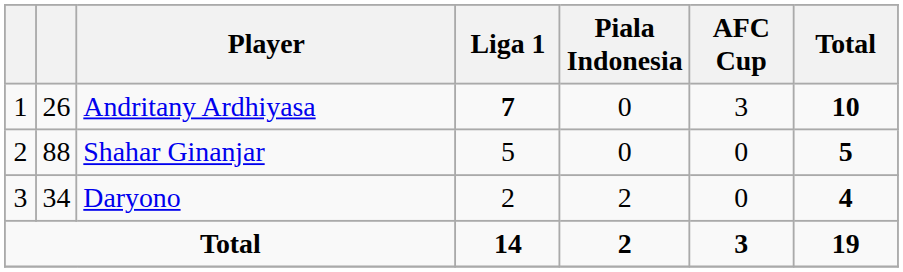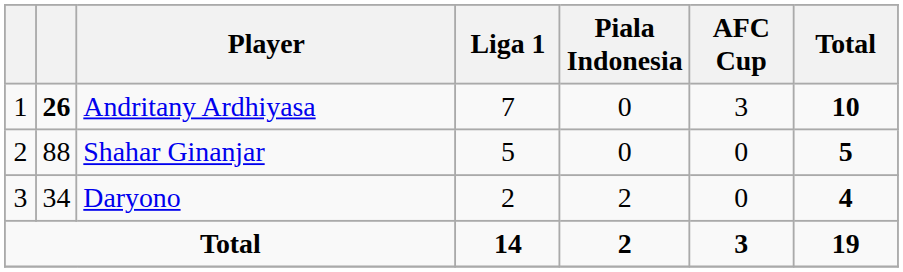 <table class="wikitable sortable" style="font-size: 95%; text-align: center;">
 <tr>
 <th width=10></th>
 <th width=10></th>
 <th width=200>Player</th>
 <th width=50>Liga 1</th>
 <th width=50>Piala Indonesia</th>
 <th width=50>AFC Cup</th>
 <th width=50>Total</th>
 </tr>
 <tr>
 <td>1</td>
-<td>26</td>
+<td><strong>26</strong></td>
 <td align=left> <a href='#'>Andritany Ardhiyasa</a></td>
-<td><strong>7</strong></td>
+<td>7</td>
 <td>0</td>
 <td>3</td>
 <td><strong>10</strong></td>
 </tr>
 <tr>
 <td>2</td>
 <td>88</td>
 <td align=left> <a href='#'>Shahar Ginanjar</a></td>
 <td>5</td>
 <td>0</td>
 <td>0</td>
 <td><strong>5</strong></td>
 </tr>
 <tr>
 <td>3</td>
 <td>34</td>
 <td align=left> <a href='#'>Daryono</a></td>
 <td>2</td>
 <td>2</td>
 <td>0</td>
 <td><strong>4</strong></td>
 </tr>
 <tr class="sortbottom">
 <td colspan=3><strong>Total</strong></td>
 <td><strong>14</strong></td>
 <td><strong>2</strong></td>
 <td><strong>3</strong></td>
 <td><strong>19</strong></td>
 </tr>
 <tr>
 </tr>
 </table>
